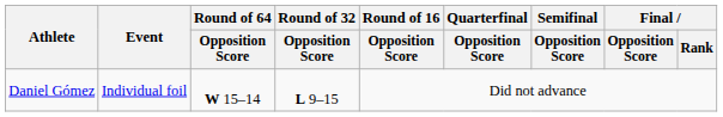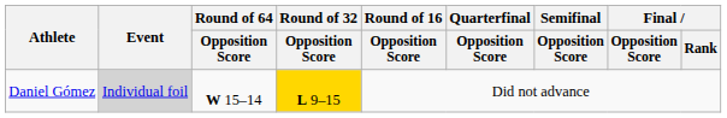 <table class="wikitable" style="font-size:90%">
 <tr>
 <th rowspan="2">Athlete</th>
 <th rowspan="2">Event</th>
 <th>Round of 64</th>
 <th>Round of 32</th>
 <th>Round of 16</th>
 <th>Quarterfinal</th>
 <th>Semifinal</th>
 <th colspan=2>Final / </th>
 </tr>
 <tr style="font-size:95%">
 <th>Opposition <br> Score</th>
 <th>Opposition <br> Score</th>
 <th>Opposition <br> Score</th>
 <th>Opposition <br> Score</th>
 <th>Opposition <br> Score</th>
 <th>Opposition <br> Score</th>
 <th>Rank</th>
 </tr>
 <tr align=center>
 <td align=left><a href='#'>Daniel Gómez</a></td>
-<td align=left><a href='#'>Individual foil</a></td>
+<td align=left style="background: lightgrey;"><a href='#'>Individual foil</a></td>
 <td><br><strong>W</strong> 15–14</td>
-<td><br><strong>L</strong> 9–15</td>
+<td style="background: gold;"><br><strong>L</strong> 9–15</td>
 <td colspan=5>Did not advance</td>
 </tr>
 </table>
